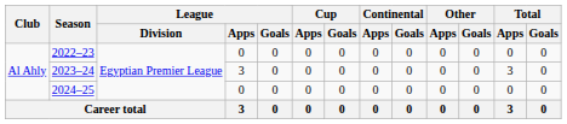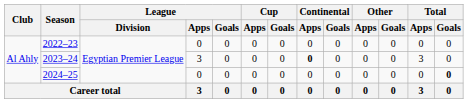 <table class=wikitable style=text-align:center>
 <tr>
 <th rowspan=2>Club</th>
 <th rowspan=2>Season</th>
 <th colspan=3>League</th>
 <th colspan=2>Cup</th>
 <th colspan=2>Continental</th>
 <th colspan=2>Other</th>
 <th colspan=2>Total</th>
 </tr>
 <tr>
 <th>Division</th>
 <th>Apps</th>
 <th>Goals</th>
 <th>Apps</th>
 <th>Goals</th>
 <th>Apps</th>
 <th>Goals</th>
 <th>Apps</th>
 <th>Goals</th>
 <th>Apps</th>
 <th>Goals</th>
 </tr>
 <tr>
 <td rowspan="3"><a href='#'>Al Ahly</a></td>
 <td><a href='#'>2022–23</a></td>
 <td rowspan="3"><a href='#'>Egyptian Premier League</a></td>
 <td>0</td>
 <td>0</td>
 <td>0</td>
 <td>0</td>
 <td>0</td>
 <td>0</td>
 <td>0</td>
 <td>0</td>
 <td>0</td>
 <td>0</td>
 </tr>
 <tr>
 <td><a href='#'>2023–24</a></td>
 <td>3</td>
 <td>0</td>
 <td>0</td>
 <td>0</td>
-<td>0</td>
+<td><strong>0</strong></td>
 <td>0</td>
 <td>0</td>
 <td>0</td>
 <td>3</td>
 <td>0</td>
 </tr>
 <tr>
 <td><a href='#'>2024–25</a></td>
 <td>0</td>
 <td>0</td>
 <td>0</td>
 <td>0</td>
 <td>0</td>
 <td>0</td>
 <td>0</td>
 <td>0</td>
 <td>0</td>
-<td>0</td>
+<td><strong>0</strong></td>
 </tr>
 <tr>
 <th colspan=3>Career total</th>
 <th>3</th>
 <th>0</th>
 <th>0</th>
 <th>0</th>
 <th>0</th>
 <th>0</th>
 <th>0</th>
 <th>0</th>
 <th>3</th>
 <th>0</th>
 </tr>
 </table>
